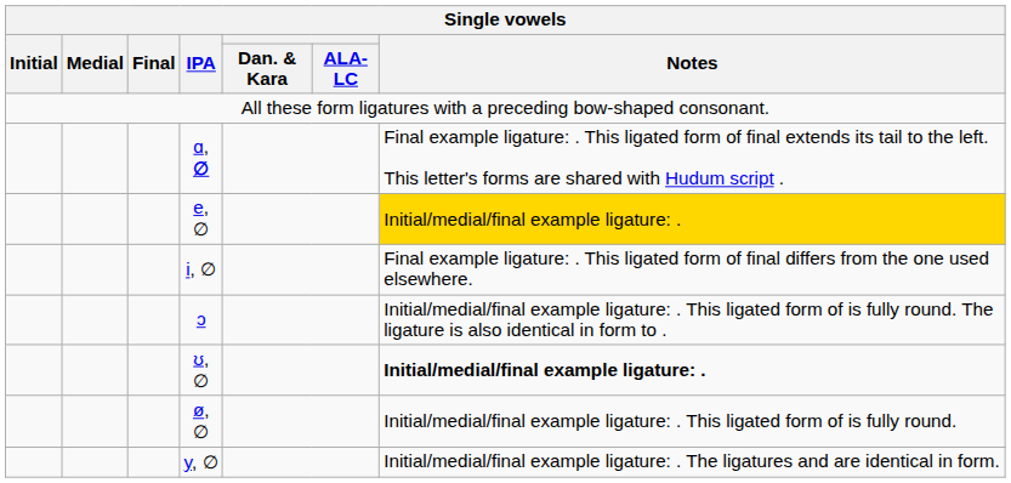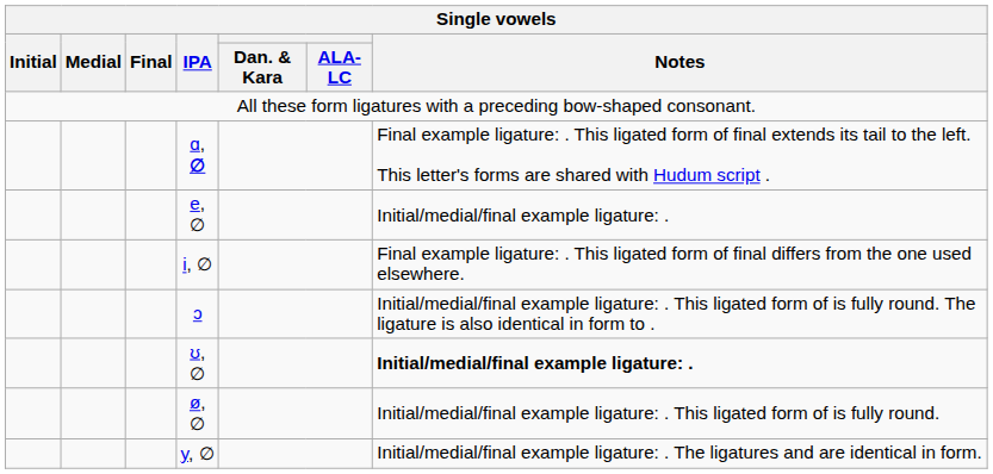 <table class="wikitable nounderlines" style="display: inline-table; text-align: center">
 <tr>
 <th colspan="7">Single vowels</th>
 </tr>
 <tr>
 <th rowspan="2">Initial</th>
 <th rowspan="2">Medial</th>
 <th rowspan="2">Final</th>
 <th rowspan="2"><a href='#'>IPA</a></th>
 <th colspan="2"></th>
 <th rowspan="2">Notes</th>
 </tr>
 <tr>
 <th>Dan. & Kara</th>
 <th><a href='#'>ALA-LC</a></th>
 </tr>
 <tr>
 <td colspan="7">All these form ligatures with a preceding bow-shaped consonant.</td>
 </tr>
 <tr>
 <td></td>
 <td></td>
 <td></td>
 <td><a href='#'>ɑ</a>, <a href='#'><strong>∅</strong></a></td>
 <td colspan="2"><em></em></td>
 <td style="text-align: left">Final example ligature:  <em></em>. This ligated form of final <em></em> extends its tail to the left.<br><br>This letter's forms are shared with <a href='#'>Hudum script</a> <em></em>.</td>
 </tr>
 <tr>
 <td></td>
 <td></td>
 <td></td>
 <td><a href='#'>e</a>, ∅</td>
 <td colspan="2"><em></em></td>
-<td style="background: gold; text-align: left">Initial/medial/final example ligature:  <em></em>.<br></td>
+<td style="text-align: left">Initial/medial/final example ligature:  <em></em>.<br></td>
 </tr>
 <tr>
 <td></td>
 <td></td>
 <td></td>
 <td><a href='#'>i</a>, ∅</td>
 <td colspan="2"><em></em></td>
 <td style="text-align: left">Final example ligature:  <em></em>. This ligated form of final <em></em> differs from the one used elsewhere.<br></td>
 </tr>
 <tr>
 <td></td>
 <td></td>
 <td></td>
 <td><a href='#'>ɔ</a></td>
 <td colspan="2"><em></em></td>
 <td style="text-align: left">Initial/medial/final example ligature:  <em></em>. This ligated form of <em></em> is fully round. The ligature <em></em> is also identical in form to <em></em>.<br></td>
 </tr>
 <tr>
 <td></td>
 <td></td>
 <td></td>
 <td><a href='#'>ʊ</a>, ∅</td>
 <td colspan="2"><em></em></td>
 <td style="text-align: left"><strong>Initial/medial/final example ligature:  <em></em>.<br></strong></td>
 </tr>
 <tr>
 <td></td>
 <td></td>
 <td></td>
 <td><a href='#'>ø</a>, ∅</td>
 <td colspan="2"><em></em></td>
 <td style="text-align: left">Initial/medial/final example ligature:  <em></em>. This ligated form of <em></em> is fully round.<br></td>
 </tr>
 <tr>
 <td></td>
 <td></td>
 <td></td>
 <td><a href='#'>y</a>, ∅</td>
 <td colspan="2"><em></em></td>
 <td style="text-align: left">Initial/medial/final example ligature:  <em></em>. The ligatures <em></em> and <em></em> are identical in form.<br></td>
 </tr>
 </table>
